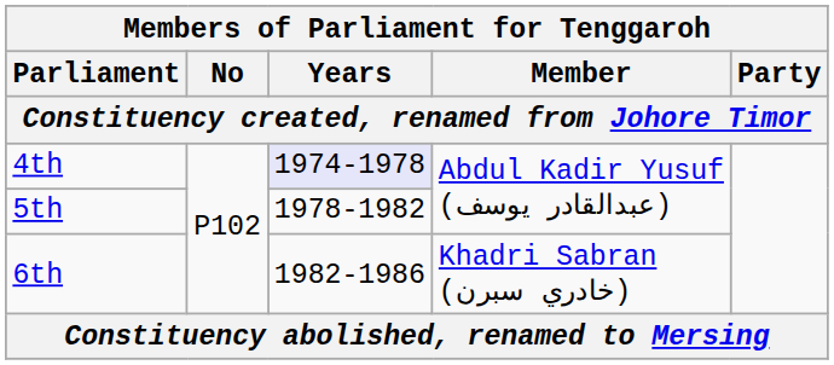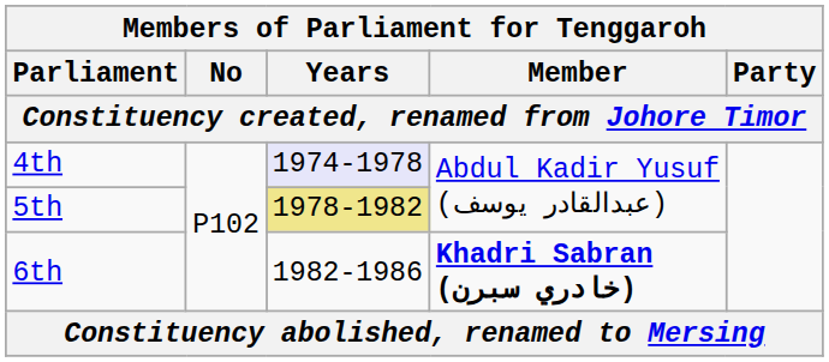 <table class=wikitable>
 <tr>
 <th colspan="5">Members of Parliament for Tenggaroh</th>
 </tr>
 <tr>
 <th>Parliament</th>
 <th>No</th>
 <th>Years</th>
 <th>Member</th>
 <th>Party</th>
 </tr>
 <tr>
 <th colspan="5" align="center"><em>Constituency created, renamed from <a href='#'>Johore Timor</a></em></th>
 </tr>
 <tr>
 <td><a href='#'>4th</a></td>
 <td rowspan="3">P102</td>
 <td style="background: lavender;">1974-1978</td>
 <td rowspan=2><a href='#'>Abdul Kadir Yusuf</a>  <br>(عبدالقادر يوسف‎)</td>
 <td rowspan=3></td>
 </tr>
 <tr>
 <td><a href='#'>5th</a></td>
-<td>1978-1982</td>
+<td style="background: khaki;">1978-1982</td>
 </tr>
 <tr>
 <td><a href='#'>6th</a></td>
 <td>1982-1986</td>
-<td><a href='#'>Khadri Sabran</a>  <br>(خادري سبرن)</td>
+<td><strong><a href='#'>Khadri Sabran</a>  <br>(خادري سبرن)</strong></td>
 </tr>
 <tr>
 <th colspan="5" align="center"><em>Constituency abolished, renamed to <a href='#'>Mersing</a></em></th>
 </tr>
 </table>
